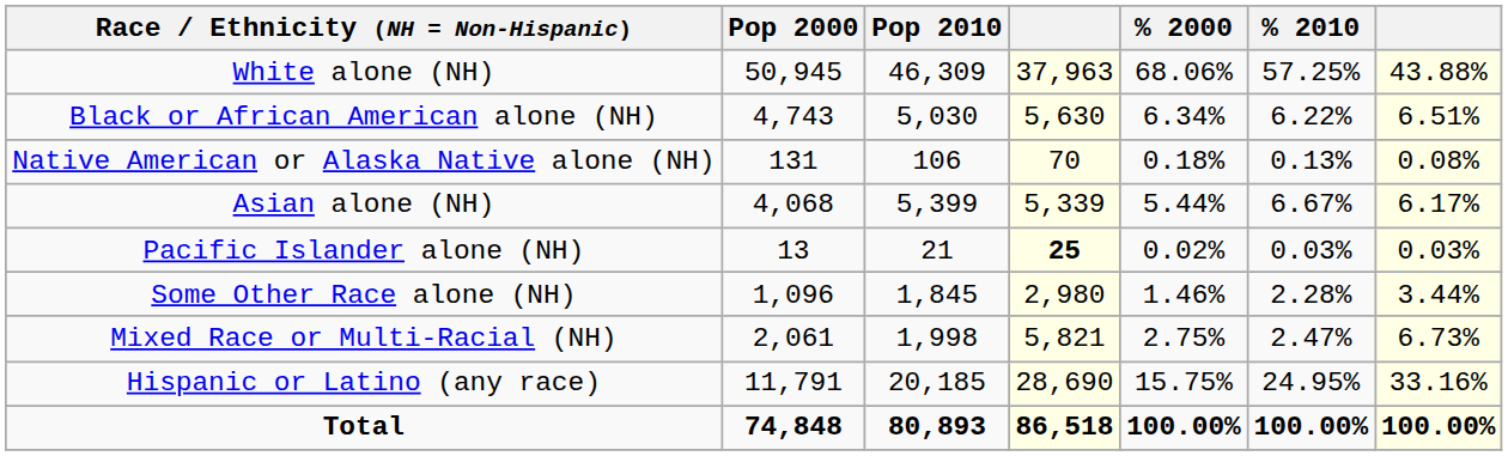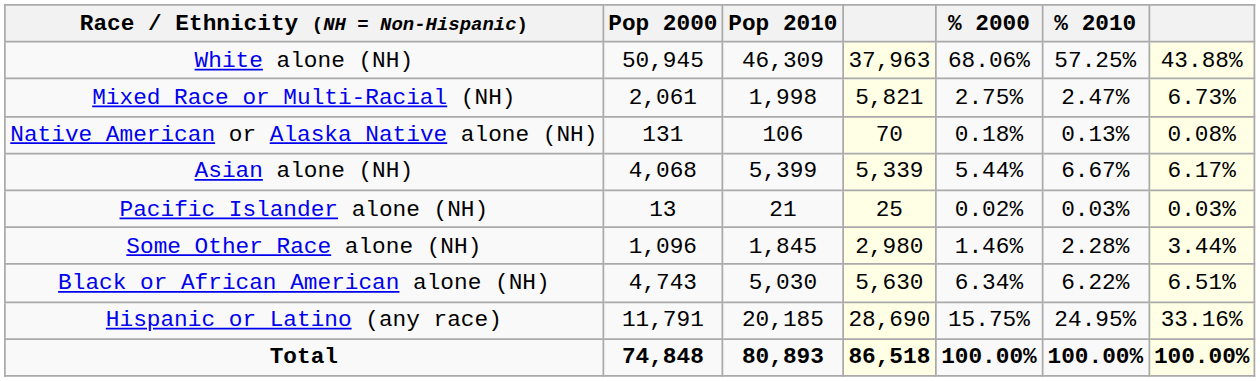 <table class="wikitable" style="text-align:center;">
 <tr>
 <th>Race / Ethnicity <small>(<em>NH = Non-Hispanic</em>)</small></th>
 <th>Pop 2000</th>
 <th>Pop 2010</th>
 <th></th>
 <th>% 2000</th>
 <th>% 2010</th>
 <th></th>
 </tr>
 <tr>
 <td><a href='#'>White</a> alone (NH)</td>
 <td>50,945</td>
 <td>46,309</td>
 <td style='background: #ffffe6;'>37,963</td>
 <td>68.06%</td>
 <td>57.25%</td>
 <td style='background: #ffffe6;'>43.88%</td>
 </tr>
 <tr>
-<td><a href='#'>Black or African American</a> alone (NH)</td>
-<td>4,743</td>
-<td>5,030</td>
-<td style='background: #ffffe6;'>5,630</td>
-<td>6.34%</td>
-<td>6.22%</td>
-<td style='background: #ffffe6;'>6.51%</td>
+<td><a href='#'>Mixed Race or Multi-Racial</a> (NH)</td>
+<td>2,061</td>
+<td>1,998</td>
+<td style='background: #ffffe6;'>5,821</td>
+<td>2.75%</td>
+<td>2.47%</td>
+<td style='background: #ffffe6;'>6.73%</td>
 </tr>
 <tr>
 <td><a href='#'>Native American</a> or <a href='#'>Alaska Native</a> alone (NH)</td>
 <td>131</td>
 <td>106</td>
 <td style='background: #ffffe6;'>70</td>
 <td>0.18%</td>
 <td>0.13%</td>
 <td style='background: #ffffe6;'>0.08%</td>
 </tr>
 <tr>
 <td><a href='#'>Asian</a> alone (NH)</td>
 <td>4,068</td>
 <td>5,399</td>
 <td style='background: #ffffe6;'>5,339</td>
 <td>5.44%</td>
 <td>6.67%</td>
 <td style='background: #ffffe6;'>6.17%</td>
 </tr>
 <tr>
 <td><a href='#'>Pacific Islander</a> alone (NH)</td>
 <td>13</td>
 <td>21</td>
-<td style='background: #ffffe6;'><strong>25</strong></td>
+<td style='background: #ffffe6;'>25</td>
 <td>0.02%</td>
 <td>0.03%</td>
 <td style='background: #ffffe6;'>0.03%</td>
 </tr>
 <tr>
 <td><a href='#'>Some Other Race</a> alone (NH)</td>
 <td>1,096</td>
 <td>1,845</td>
 <td style='background: #ffffe6;'>2,980</td>
 <td>1.46%</td>
 <td>2.28%</td>
 <td style='background: #ffffe6;'>3.44%</td>
 </tr>
 <tr>
-<td><a href='#'>Mixed Race or Multi-Racial</a> (NH)</td>
-<td>2,061</td>
-<td>1,998</td>
-<td style='background: #ffffe6;'>5,821</td>
-<td>2.75%</td>
-<td>2.47%</td>
-<td style='background: #ffffe6;'>6.73%</td>
+<td><a href='#'>Black or African American</a> alone (NH)</td>
+<td>4,743</td>
+<td>5,030</td>
+<td style='background: #ffffe6;'>5,630</td>
+<td>6.34%</td>
+<td>6.22%</td>
+<td style='background: #ffffe6;'>6.51%</td>
 </tr>
 <tr>
 <td><a href='#'>Hispanic or Latino</a> (any race)</td>
 <td>11,791</td>
 <td>20,185</td>
 <td style='background: #ffffe6;'>28,690</td>
 <td>15.75%</td>
 <td>24.95%</td>
 <td style='background: #ffffe6;'>33.16%</td>
 </tr>
 <tr>
 <td><strong>Total</strong></td>
 <td><strong>74,848</strong></td>
 <td><strong>80,893</strong></td>
 <td style='background: #ffffe6;'><strong>86,518</strong></td>
 <td><strong>100.00%</strong></td>
 <td><strong>100.00%</strong></td>
 <td style='background: #ffffe6;'><strong>100.00%</strong></td>
 </tr>
 </table>
